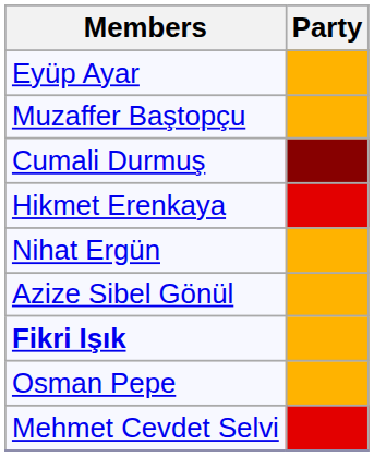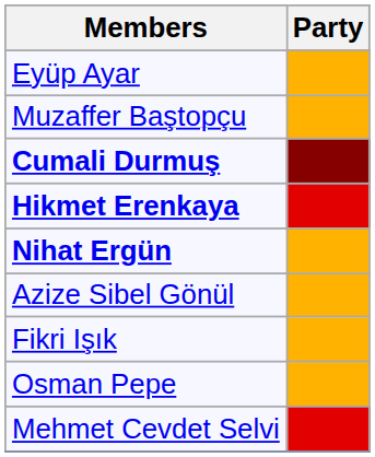 <table class=wikitable style="border:1px solid #8888aa; background-color:#f7f8ff; padding:0px; font-size:90%;">
 <tr>
 <th>Members</th>
 <th colspan="2">Party</th>
 </tr>
 <tr>
 <td><a href='#'>Eyüp Ayar</a></td>
 <td style="background: #ffb300"></td>
 </tr>
 <tr>
 <td><a href='#'>Muzaffer Baştopçu</a></td>
 <td style="background: #ffb300"></td>
 </tr>
 <tr>
-<td><a href='#'>Cumali Durmuş</a></td>
+<td><strong><a href='#'>Cumali Durmuş</a></strong></td>
 <td style="background: #870000"></td>
 </tr>
 <tr>
-<td><a href='#'>Hikmet Erenkaya</a></td>
+<td><strong><a href='#'>Hikmet Erenkaya</a></strong></td>
 <td style="background: #e30000"></td>
 </tr>
 <tr>
-<td><a href='#'>Nihat Ergün</a></td>
+<td><strong><a href='#'>Nihat Ergün</a></strong></td>
 <td style="background: #ffb300"></td>
 </tr>
 <tr>
 <td><a href='#'>Azize Sibel Gönül</a></td>
 <td style="background: #ffb300"></td>
 </tr>
 <tr>
-<td><strong><a href='#'>Fikri Işık</a></strong></td>
+<td><a href='#'>Fikri Işık</a></td>
 <td style="background: #ffb300"></td>
 </tr>
 <tr>
 <td><a href='#'>Osman Pepe</a></td>
 <td style="background: #ffb300"></td>
 </tr>
 <tr>
 <td><a href='#'>Mehmet Cevdet Selvi</a></td>
 <td style="background: #e30000"></td>
 </tr>
 <tr>
 </tr>
 </table>
